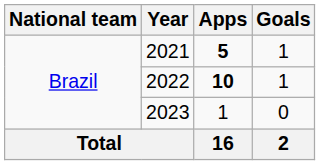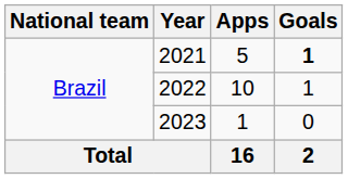 <table class="wikitable" style="text-align:center">
 <tr>
 <th>National team</th>
 <th>Year</th>
 <th>Apps</th>
 <th>Goals</th>
 </tr>
 <tr>
 <td rowspan="3"><a href='#'>Brazil</a></td>
 <td>2021</td>
-<td><strong>5</strong></td>
-<td>1</td>
+<td>5</td>
+<td><strong>1</strong></td>
 </tr>
 <tr>
 <td>2022</td>
-<td><strong>10</strong></td>
+<td>10</td>
 <td>1</td>
 </tr>
 <tr>
 <td>2023</td>
 <td>1</td>
 <td>0</td>
 </tr>
 <tr>
 <th colspan="2">Total</th>
 <th>16</th>
 <th>2</th>
 </tr>
 </table>
